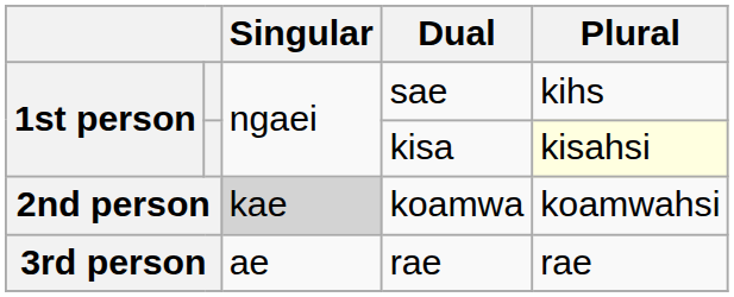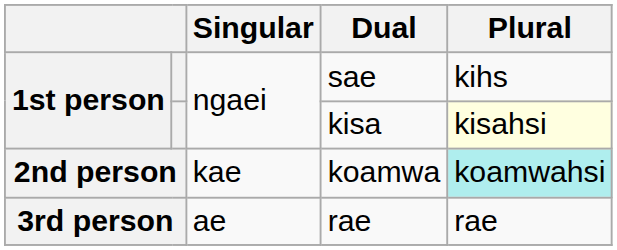 <table class="wikitable">
 <tr>
 <th colspan="2"></th>
 <th>Singular</th>
 <th>Dual</th>
 <th>Plural</th>
 </tr>
 <tr>
 <th rowspan="2">1st person</th>
 <th></th>
 <td rowspan="2">ngaei</td>
 <td>sae</td>
 <td>kihs</td>
 </tr>
 <tr>
 <th></th>
 <td>kisa</td>
 <td style="background: lightyellow;">kisahsi</td>
 </tr>
 <tr>
 <th colspan="2">2nd person</th>
-<td style="background: lightgrey;">kae</td>
+<td>kae</td>
 <td>koamwa</td>
-<td>koamwahsi</td>
+<td style="background: paleturquoise;">koamwahsi</td>
 </tr>
 <tr>
 <th colspan="2">3rd person</th>
 <td>ae</td>
 <td>rae</td>
 <td>rae</td>
 </tr>
 </table>
